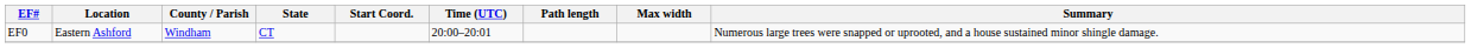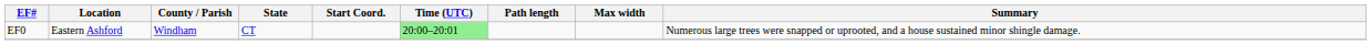 <table class="wikitable sortable" style="width:100%;">
 <tr>
 <th scope="col"  style="width:3%; text-align:center;"><a href='#'>EF#</a></th>
 <th scope="col"  style="width:7%; text-align:center;" class="unsortable">Location</th>
 <th scope="col"  style="width:6%; text-align:center;" class="unsortable">County / Parish</th>
 <th scope="col"  style="width:5%; text-align:center;">State</th>
 <th scope="col"  style="width:6%; text-align:center;">Start Coord.</th>
 <th scope="col"  style="width:6%; text-align:center;">Time (<a href='#'>UTC</a>)</th>
 <th scope="col"  style="width:6%; text-align:center;">Path length</th>
 <th scope="col"  style="width:6%; text-align:center;">Max width</th>
 <th scope="col" class="unsortable" style="width:48%; text-align:center;">Summary</th>
 </tr>
 <tr>
 <td bgcolor=>EF0</td>
 <td>Eastern <a href='#'>Ashford</a></td>
 <td><a href='#'>Windham</a></td>
 <td><a href='#'>CT</a></td>
 <td></td>
-<td>20:00–20:01</td>
+<td style="background: lightgreen;">20:00–20:01</td>
 <td></td>
 <td></td>
 <td>Numerous large trees were snapped or uprooted, and a house sustained minor shingle damage.</td>
 </tr>
 <tr>
 </tr>
 </table>
